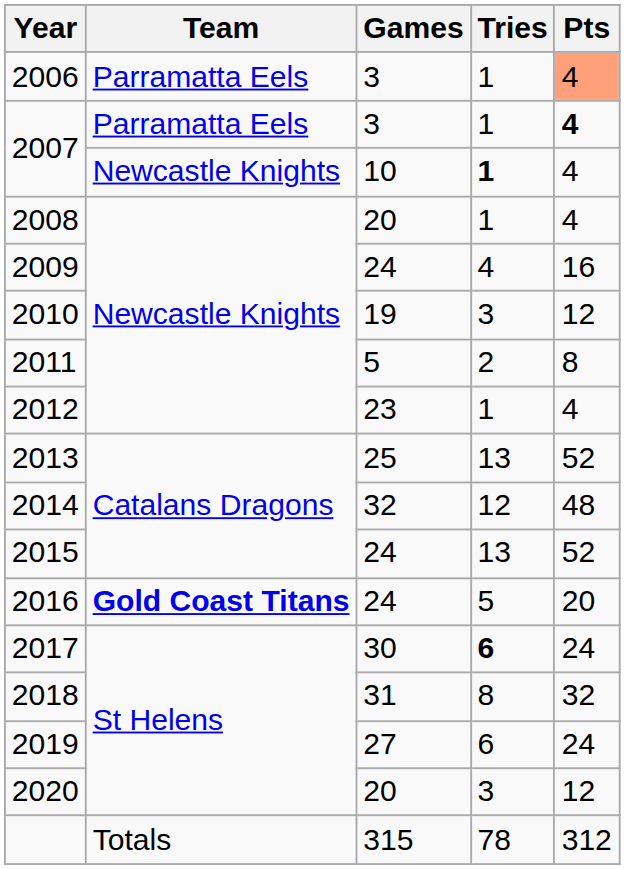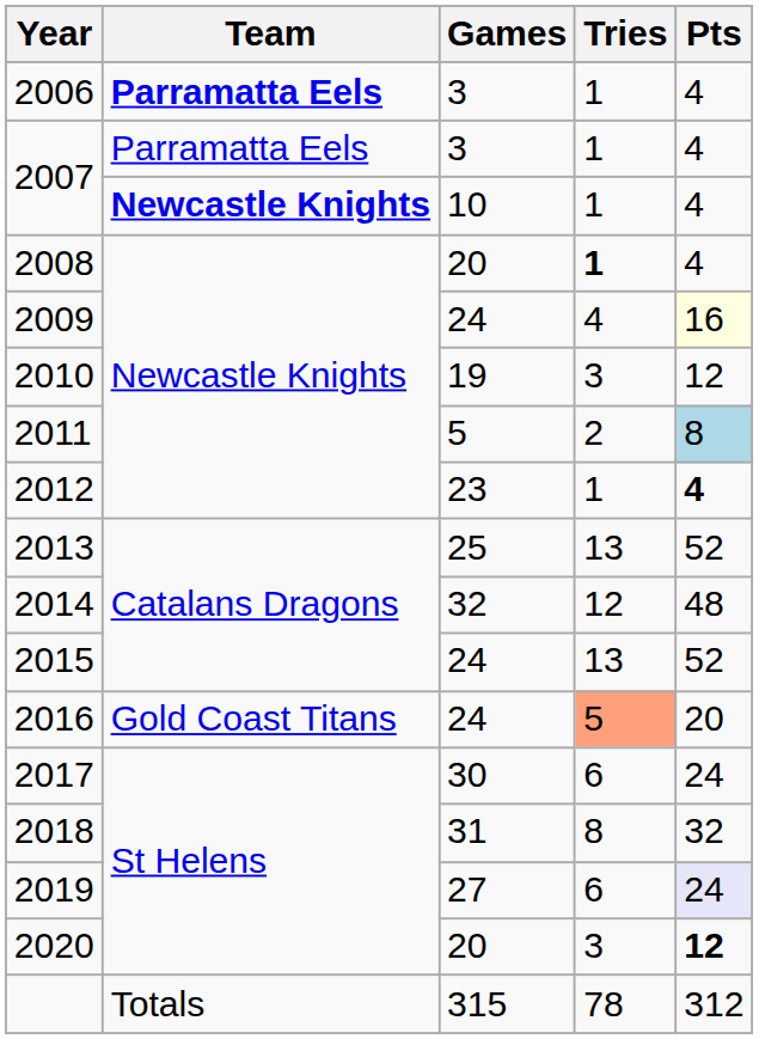 <table class="wikitable">
 <tr>
 <th>Year</th>
 <th>Team</th>
 <th>Games</th>
 <th>Tries</th>
 <th>Pts</th>
 </tr>
 <tr>
 <td>2006</td>
-<td> <a href='#'>Parramatta Eels</a></td>
+<td><strong> <a href='#'>Parramatta Eels</a></strong></td>
 <td>3</td>
 <td>1</td>
-<td style="background: lightsalmon;">4</td>
+<td>4</td>
 </tr>
 <tr>
 <td rowspan="2">2007</td>
 <td> <a href='#'>Parramatta Eels</a></td>
 <td>3</td>
 <td>1</td>
-<td><strong>4</strong></td>
+<td>4</td>
 </tr>
 <tr>
-<td> <a href='#'>Newcastle Knights</a></td>
+<td><strong> <a href='#'>Newcastle Knights</a></strong></td>
 <td>10</td>
-<td><strong>1</strong></td>
+<td>1</td>
 <td>4</td>
 </tr>
 <tr>
 <td>2008</td>
 <td rowspan="5"> <a href='#'>Newcastle Knights</a></td>
 <td>20</td>
-<td>1</td>
+<td><strong>1</strong></td>
 <td>4</td>
 </tr>
 <tr>
 <td>2009</td>
 <td>24</td>
 <td>4</td>
-<td>16</td>
+<td style="background: lightyellow;">16</td>
 </tr>
 <tr>
 <td>2010</td>
 <td>19</td>
 <td>3</td>
 <td>12</td>
 </tr>
 <tr>
 <td>2011</td>
 <td>5</td>
 <td>2</td>
-<td>8</td>
+<td style="background: lightblue;">8</td>
 </tr>
 <tr>
 <td>2012</td>
 <td>23</td>
 <td>1</td>
-<td>4</td>
+<td><strong>4</strong></td>
 </tr>
 <tr>
 <td>2013</td>
 <td rowspan="3"> <a href='#'>Catalans Dragons</a></td>
 <td>25</td>
 <td>13</td>
 <td>52</td>
 </tr>
 <tr>
 <td>2014</td>
 <td>32</td>
 <td>12</td>
 <td>48</td>
 </tr>
 <tr>
 <td>2015</td>
 <td>24</td>
 <td>13</td>
 <td>52</td>
 </tr>
 <tr>
 <td>2016</td>
-<td><strong> <a href='#'>Gold Coast Titans</a></strong></td>
+<td> <a href='#'>Gold Coast Titans</a></td>
 <td>24</td>
-<td>5</td>
+<td style="background: lightsalmon;">5</td>
 <td>20</td>
 </tr>
 <tr>
 <td>2017</td>
 <td rowspan="4"> <a href='#'>St Helens</a></td>
 <td>30</td>
-<td><strong>6</strong></td>
+<td>6</td>
 <td>24</td>
 </tr>
 <tr>
 <td>2018</td>
 <td>31</td>
 <td>8</td>
 <td>32</td>
 </tr>
 <tr>
 <td>2019</td>
 <td>27</td>
 <td>6</td>
-<td>24</td>
+<td style="background: lavender;">24</td>
 </tr>
 <tr>
 <td>2020</td>
 <td>20</td>
 <td>3</td>
-<td>12</td>
+<td><strong>12</strong></td>
 </tr>
 <tr>
 <td></td>
 <td>Totals</td>
 <td>315</td>
 <td>78</td>
 <td>312</td>
 </tr>
 </table>
